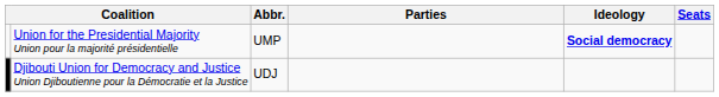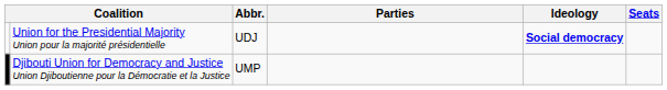 <table class="wikitable">
 <tr>
 <th colspan=2>Coalition</th>
 <th>Abbr.</th>
 <th width=350em>Parties</th>
 <th>Ideology</th>
 <th><a href='#'>Seats</a></th>
 </tr>
 <tr>
 <td bgcolor=></td>
 <td><a href='#'>Union for the Presidential Majority</a><br><small><em>Union pour la majorité présidentielle</em></small></td>
-<td>UMP</td>
+<td>UDJ</td>
 <td></td>
 <td><strong><a href='#'>Social democracy</a></strong></td>
 <td></td>
 </tr>
 <tr>
 <td bgcolor=Black></td>
 <td><a href='#'>Djibouti Union for Democracy and Justice</a><br><small><em>Union Djiboutienne pour la Démocratie et la Justice</em></small></td>
-<td>UDJ</td>
+<td>UMP</td>
 <td></td>
 <td></td>
 <td></td>
 </tr>
 </table>
